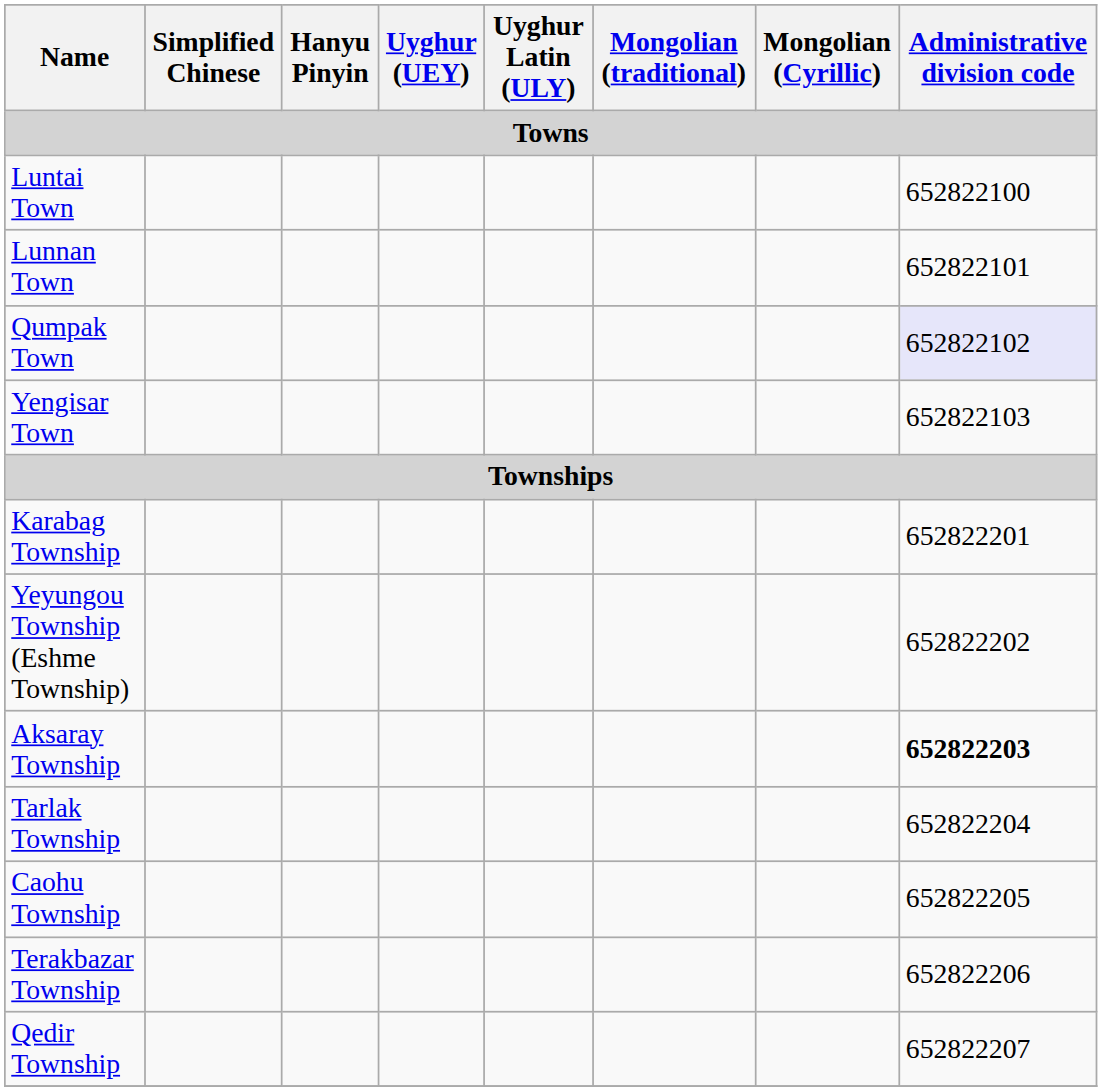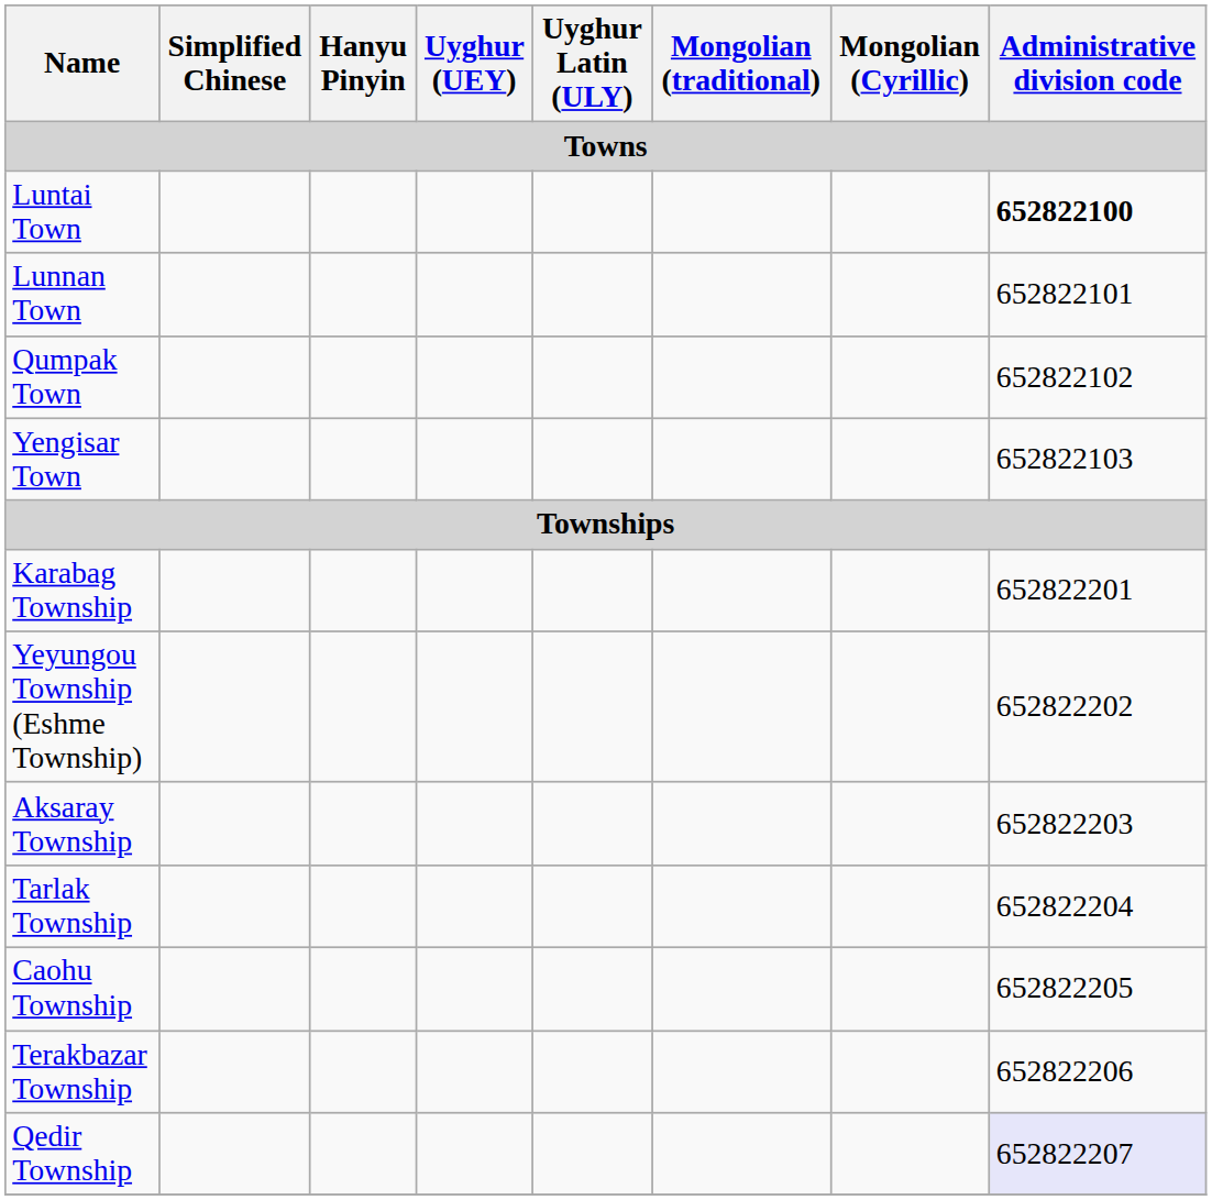 <table class="wikitable" align="center" style="width:50%; border="1">
 <tr>
 <th>Name</th>
 <th>Simplified Chinese</th>
 <th>Hanyu Pinyin</th>
 <th><a href='#'>Uyghur</a> (<a href='#'>UEY</a>)</th>
 <th>Uyghur Latin (<a href='#'>ULY</a>)</th>
 <th><a href='#'>Mongolian</a> (<a href='#'>traditional</a>)</th>
 <th>Mongolian (<a href='#'>Cyrillic</a>)</th>
 <th><a href='#'>Administrative division code</a></th>
 </tr>
 <tr>
 <td colspan="9"  style="text-align:center; background:#d3d3d3;"><strong>Towns</strong></td>
 </tr>
 <tr --------->
 <td><a href='#'>Luntai Town</a></td>
 <td></td>
 <td></td>
 <td></td>
 <td></td>
 <td></td>
 <td></td>
-<td>652822100</td>
+<td><strong>652822100</strong></td>
 </tr>
 <tr>
 <td><a href='#'>Lunnan Town</a></td>
 <td></td>
 <td></td>
 <td></td>
 <td></td>
 <td></td>
 <td></td>
 <td>652822101</td>
 </tr>
 <tr>
 <td><a href='#'>Qumpak Town</a></td>
 <td></td>
 <td></td>
 <td></td>
 <td></td>
 <td></td>
 <td></td>
-<td style="background: lavender;">652822102</td>
+<td>652822102</td>
 </tr>
 <tr>
 <td><a href='#'>Yengisar Town</a></td>
 <td></td>
 <td></td>
 <td></td>
 <td></td>
 <td></td>
 <td></td>
 <td>652822103</td>
 </tr>
 <tr>
 <td colspan="9"  style="text-align:center; background:#d3d3d3;"><strong>Townships</strong></td>
 </tr>
 <tr --------->
 <td><a href='#'>Karabag Township</a></td>
 <td></td>
 <td></td>
 <td></td>
 <td></td>
 <td></td>
 <td></td>
 <td>652822201</td>
 </tr>
 <tr>
 <td><a href='#'>Yeyungou Township</a><br>(Eshme Township)</td>
 <td></td>
 <td></td>
 <td></td>
 <td></td>
 <td></td>
 <td></td>
 <td>652822202</td>
 </tr>
 <tr>
 <td><a href='#'>Aksaray Township</a></td>
 <td></td>
 <td></td>
 <td></td>
 <td></td>
 <td></td>
 <td></td>
-<td><strong>652822203</strong></td>
+<td>652822203</td>
 </tr>
 <tr>
 <td><a href='#'>Tarlak Township</a></td>
 <td></td>
 <td></td>
 <td></td>
 <td></td>
 <td></td>
 <td></td>
 <td>652822204</td>
 </tr>
 <tr>
 <td><a href='#'>Caohu Township</a></td>
 <td></td>
 <td></td>
 <td></td>
 <td></td>
 <td></td>
 <td></td>
 <td>652822205</td>
 </tr>
 <tr>
 <td><a href='#'>Terakbazar Township</a></td>
 <td></td>
 <td></td>
 <td></td>
 <td></td>
 <td></td>
 <td></td>
 <td>652822206</td>
 </tr>
 <tr>
 <td><a href='#'>Qedir Township</a></td>
 <td></td>
 <td></td>
 <td></td>
 <td></td>
 <td></td>
 <td></td>
-<td>652822207</td>
+<td style="background: lavender;">652822207</td>
 </tr>
 <tr>
 </tr>
 </table>
